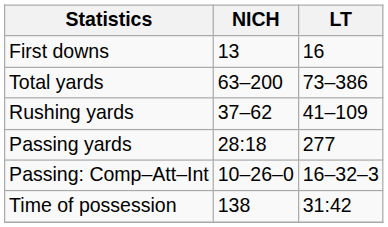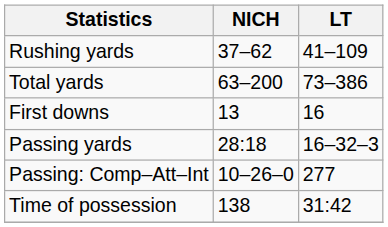 <table class="wikitable" style="float: left;">
 <tr>
 <th>Statistics</th>
 <th>NICH</th>
 <th>LT</th>
 </tr>
 <tr>
-<td>First downs</td>
-<td>13</td>
-<td>16</td>
+<td>Rushing yards</td>
+<td>37–62</td>
+<td>41–109</td>
 </tr>
 <tr>
 <td>Total yards</td>
 <td>63–200</td>
 <td>73–386</td>
 </tr>
 <tr>
-<td>Rushing yards</td>
-<td>37–62</td>
-<td>41–109</td>
+<td>First downs</td>
+<td>13</td>
+<td>16</td>
 </tr>
 <tr>
 <td>Passing yards</td>
 <td>28:18</td>
-<td>277</td>
+<td>16–32–3</td>
 </tr>
 <tr>
 <td>Passing: Comp–Att–Int</td>
 <td>10–26–0</td>
-<td>16–32–3</td>
+<td>277</td>
 </tr>
 <tr>
 <td>Time of possession</td>
 <td>138</td>
 <td>31:42</td>
 </tr>
 <tr>
 </tr>
 </table>
